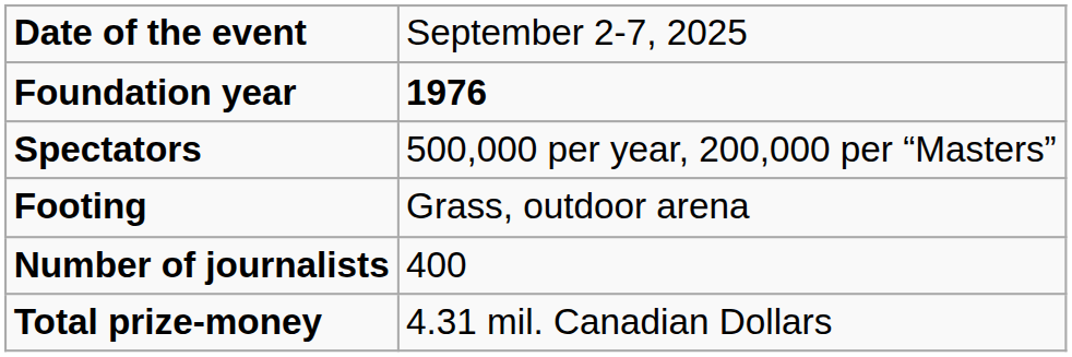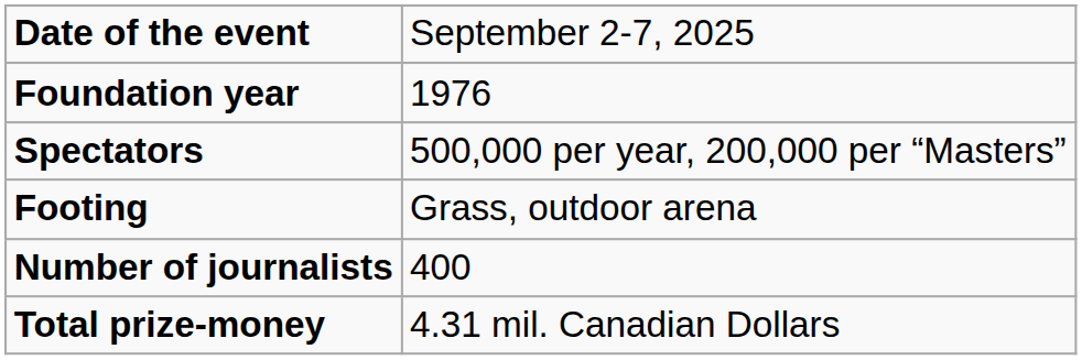 <table class="wikitable">
 <tr>
 <td><strong>Date of the event</strong></td>
 <td>September 2-7, 2025</td>
 </tr>
 <tr>
 <td><strong>Foundation year</strong></td>
-<td><strong>1976</strong></td>
+<td>1976</td>
 </tr>
 <tr>
 <td><strong>Spectators</strong></td>
 <td>500,000 per year, 200,000 per “Masters”</td>
 </tr>
 <tr>
 <td><strong>Footing</strong></td>
 <td>Grass, outdoor arena</td>
 </tr>
 <tr>
 <td><strong>Number of journalists</strong></td>
 <td>400</td>
 </tr>
 <tr>
 <td><strong>Total prize-money</strong></td>
 <td>4.31 mil. Canadian Dollars</td>
 </tr>
 </table>
